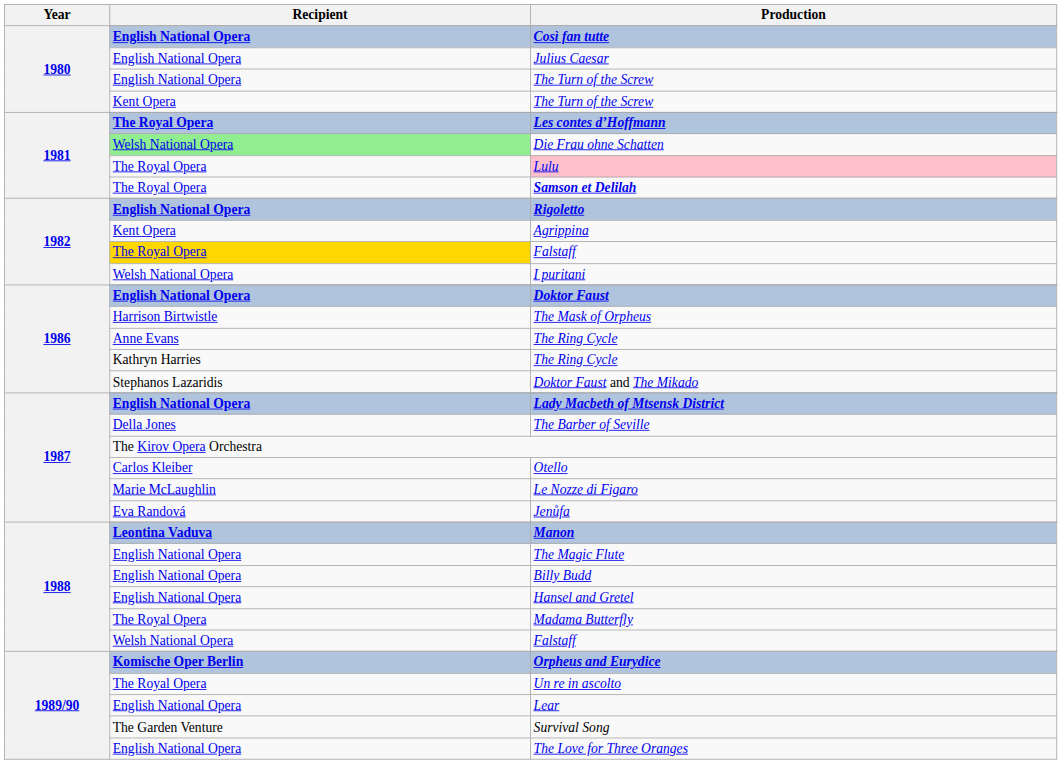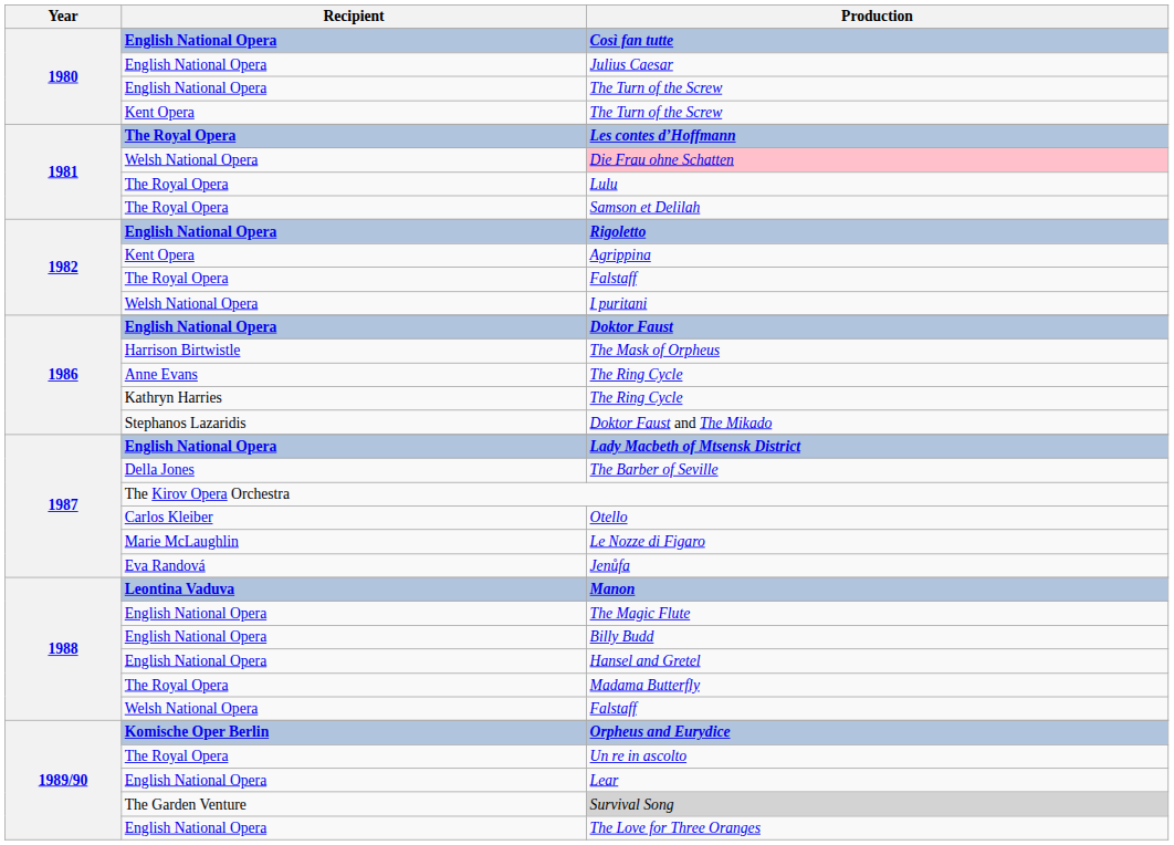 <table class="wikitable" style="width:98%;">
 <tr style="background:#bebebe;">
 <th style="width:10%;">Year</th>
 <th style="width:40%;">Recipient</th>
 <th style="width:50%;">Production</th>
 </tr>
 <tr>
 <th rowspan="5" align="center"><a href='#'>1980</a></th>
 </tr>
 <tr style="background:#B0C4DE">
 <td><strong><a href='#'>English National Opera</a></strong></td>
 <td><strong><em><a href='#'>Così fan tutte</a></em></strong></td>
 </tr>
 <tr>
 <td><a href='#'>English National Opera</a></td>
 <td><em><a href='#'>Julius Caesar</a></em></td>
 </tr>
 <tr>
 <td><a href='#'>English National Opera</a></td>
 <td><em><a href='#'>The Turn of the Screw</a></em></td>
 </tr>
 <tr>
 <td><a href='#'>Kent Opera</a></td>
 <td><em><a href='#'>The Turn of the Screw</a></em></td>
 </tr>
 <tr>
 <th rowspan="5" align="center"><a href='#'>1981</a></th>
 </tr>
 <tr style="background:#B0C4DE">
 <td><strong><a href='#'>The Royal Opera</a></strong></td>
 <td><strong><em><a href='#'>Les contes d’Hoffmann</a></em></strong></td>
 </tr>
 <tr>
-<td style="background: lightgreen;"><a href='#'>Welsh National Opera</a></td>
-<td><em><a href='#'>Die Frau ohne Schatten</a></em></td>
+<td><a href='#'>Welsh National Opera</a></td>
+<td style="background: pink;"><em><a href='#'>Die Frau ohne Schatten</a></em></td>
 </tr>
 <tr>
 <td><a href='#'>The Royal Opera</a></td>
-<td style="background: pink;"><em><a href='#'>Lulu</a></em></td>
+<td><em><a href='#'>Lulu</a></em></td>
 </tr>
 <tr>
 <td><a href='#'>The Royal Opera</a></td>
-<td><strong><em><a href='#'>Samson et Delilah</a></em></strong></td>
+<td><em><a href='#'>Samson et Delilah</a></em></td>
 </tr>
 <tr>
 <th rowspan="5" align="center"><a href='#'>1982</a></th>
 </tr>
 <tr style="background:#B0C4DE">
 <td><strong><a href='#'>English National Opera</a></strong></td>
 <td><strong><em><a href='#'>Rigoletto</a></em></strong></td>
 </tr>
 <tr>
 <td><a href='#'>Kent Opera</a></td>
 <td><em><a href='#'>Agrippina</a></em></td>
 </tr>
 <tr>
-<td style="background: gold;"><a href='#'>The Royal Opera</a></td>
+<td><a href='#'>The Royal Opera</a></td>
 <td><em><a href='#'>Falstaff</a></em></td>
 </tr>
 <tr>
 <td><a href='#'>Welsh National Opera</a></td>
 <td><em><a href='#'>I puritani</a></em></td>
 </tr>
 <tr>
 <th rowspan="6" align="center"><a href='#'>1986</a></th>
 </tr>
 <tr style="background:#B0C4DE">
 <td><strong><a href='#'>English National Opera</a></strong></td>
 <td><strong><em><a href='#'>Doktor Faust</a></em></strong></td>
 </tr>
 <tr>
 <td><a href='#'>Harrison Birtwistle</a></td>
 <td><em><a href='#'>The Mask of Orpheus</a></em></td>
 </tr>
 <tr>
 <td><a href='#'>Anne Evans</a></td>
 <td><em><a href='#'>The Ring Cycle</a></em></td>
 </tr>
 <tr>
 <td>Kathryn Harries</td>
 <td><em><a href='#'>The Ring Cycle</a></em></td>
 </tr>
 <tr>
 <td>Stephanos Lazaridis</td>
 <td><em><a href='#'>Doktor Faust</a></em> and <em><a href='#'>The Mikado</a></em></td>
 </tr>
 <tr>
 <th rowspan="7" align="center"><a href='#'>1987</a></th>
 </tr>
 <tr style="background:#B0C4DE">
 <td><strong><a href='#'>English National Opera</a></strong></td>
 <td><strong><em><a href='#'>Lady Macbeth of Mtsensk District</a></em></strong></td>
 </tr>
 <tr>
 <td><a href='#'>Della Jones</a></td>
 <td><em><a href='#'>The Barber of Seville</a></em></td>
 </tr>
 <tr>
 <td colspan="2">The <a href='#'>Kirov Opera</a> Orchestra</td>
 </tr>
 <tr>
 <td><a href='#'>Carlos Kleiber</a></td>
 <td><em><a href='#'>Otello</a></em></td>
 </tr>
 <tr>
 <td><a href='#'>Marie McLaughlin</a></td>
 <td><em><a href='#'>Le Nozze di Figaro</a></em></td>
 </tr>
 <tr>
 <td><a href='#'>Eva Randová</a></td>
 <td><em><a href='#'>Jenůfa</a></em></td>
 </tr>
 <tr>
 <th rowspan="7" align="center"><a href='#'>1988</a></th>
 </tr>
 <tr style="background:#B0C4DE">
 <td><strong><a href='#'>Leontina Vaduva</a></strong></td>
 <td><strong><em><a href='#'>Manon</a></em></strong></td>
 </tr>
 <tr>
 <td><a href='#'>English National Opera</a></td>
 <td><em><a href='#'>The Magic Flute</a></em></td>
 </tr>
 <tr>
 <td><a href='#'>English National Opera</a></td>
 <td><em><a href='#'>Billy Budd</a></em></td>
 </tr>
 <tr>
 <td><a href='#'>English National Opera</a></td>
 <td><em><a href='#'>Hansel and Gretel</a></em></td>
 </tr>
 <tr>
 <td><a href='#'>The Royal Opera</a></td>
 <td><em><a href='#'>Madama Butterfly</a></em></td>
 </tr>
 <tr>
 <td><a href='#'>Welsh National Opera</a></td>
 <td><em><a href='#'>Falstaff</a></em></td>
 </tr>
 <tr>
 <th rowspan="6" align="center"><a href='#'>1989/90</a></th>
 </tr>
 <tr style="background:#B0C4DE">
 <td><strong><a href='#'>Komische Oper Berlin</a></strong></td>
 <td><strong><em><a href='#'>Orpheus and Eurydice</a></em></strong></td>
 </tr>
 <tr>
 <td><a href='#'>The Royal Opera</a></td>
 <td><em><a href='#'>Un re in ascolto</a></em></td>
 </tr>
 <tr>
 <td><a href='#'>English National Opera</a></td>
 <td><em><a href='#'>Lear</a></em></td>
 </tr>
 <tr>
 <td>The Garden Venture</td>
-<td><em>Survival Song</em></td>
+<td style="background: lightgrey;"><em>Survival Song</em></td>
 </tr>
 <tr>
 <td><a href='#'>English National Opera</a></td>
 <td><em><a href='#'>The Love for Three Oranges</a></em></td>
 </tr>
 </table>
